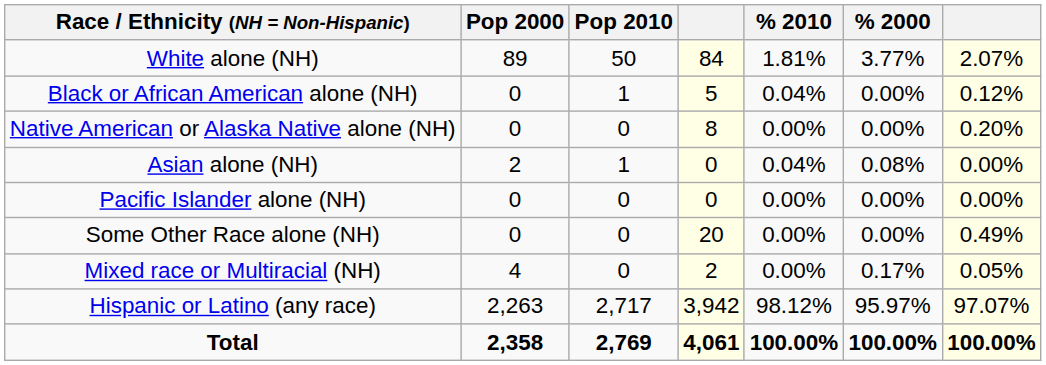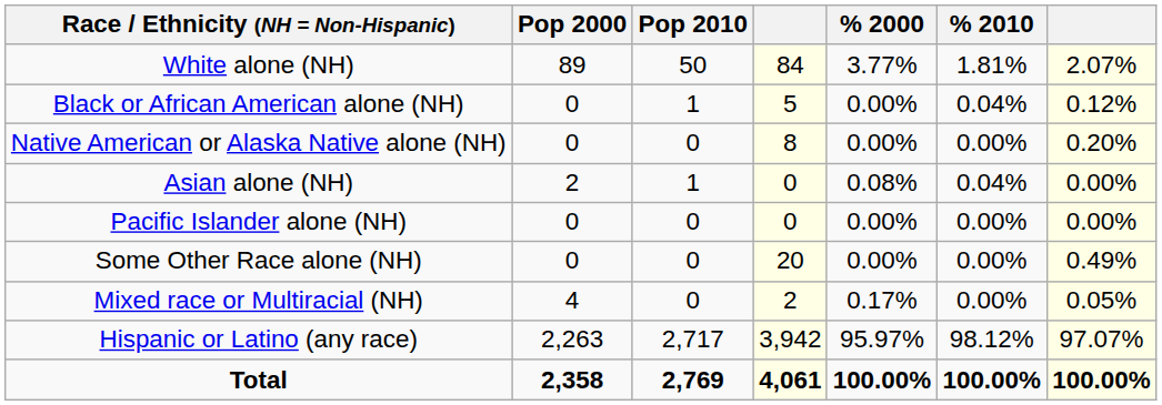 <table class="wikitable" style="text-align:center;">
 <tr>
 <th>Race / Ethnicity <small>(<em>NH = Non-Hispanic</em>)</small></th>
 <th>Pop 2000</th>
 <th>Pop 2010</th>
 <th></th>
+<th>% 2000</th>
 <th>% 2010</th>
-<th>% 2000</th>
 <th></th>
 </tr>
 <tr>
 <td><a href='#'>White</a> alone (NH)</td>
 <td>89</td>
 <td>50</td>
 <td style='background: #ffffe6;'>84</td>
+<td>3.77%</td>
 <td>1.81%</td>
-<td>3.77%</td>
 <td style='background: #ffffe6;'>2.07%</td>
 </tr>
 <tr>
 <td><a href='#'>Black or African American</a> alone (NH)</td>
 <td>0</td>
 <td>1</td>
 <td style='background: #ffffe6;'>5</td>
+<td>0.00%</td>
 <td>0.04%</td>
-<td>0.00%</td>
 <td style='background: #ffffe6;'>0.12%</td>
 </tr>
 <tr>
 <td><a href='#'>Native American</a> or <a href='#'>Alaska Native</a> alone (NH)</td>
 <td>0</td>
 <td>0</td>
 <td style='background: #ffffe6;'>8</td>
 <td>0.00%</td>
 <td>0.00%</td>
 <td style='background: #ffffe6;'>0.20%</td>
 </tr>
 <tr>
 <td><a href='#'>Asian</a> alone (NH)</td>
 <td>2</td>
 <td>1</td>
 <td style='background: #ffffe6;'>0</td>
+<td>0.08%</td>
 <td>0.04%</td>
-<td>0.08%</td>
 <td style='background: #ffffe6;'>0.00%</td>
 </tr>
 <tr>
 <td><a href='#'>Pacific Islander</a> alone (NH)</td>
 <td>0</td>
 <td>0</td>
 <td style='background: #ffffe6;'>0</td>
 <td>0.00%</td>
 <td>0.00%</td>
 <td style='background: #ffffe6;'>0.00%</td>
 </tr>
 <tr>
 <td>Some Other Race alone (NH)</td>
 <td>0</td>
 <td>0</td>
 <td style='background: #ffffe6;'>20</td>
 <td>0.00%</td>
 <td>0.00%</td>
 <td style='background: #ffffe6;'>0.49%</td>
 </tr>
 <tr>
 <td><a href='#'>Mixed race or Multiracial</a> (NH)</td>
 <td>4</td>
 <td>0</td>
 <td style='background: #ffffe6;'>2</td>
+<td>0.17%</td>
 <td>0.00%</td>
-<td>0.17%</td>
 <td style='background: #ffffe6;'>0.05%</td>
 </tr>
 <tr>
 <td><a href='#'>Hispanic or Latino</a> (any race)</td>
 <td>2,263</td>
 <td>2,717</td>
 <td style='background: #ffffe6;'>3,942</td>
+<td>95.97%</td>
 <td>98.12%</td>
-<td>95.97%</td>
 <td style='background: #ffffe6;'>97.07%</td>
 </tr>
 <tr>
 <td><strong>Total</strong></td>
 <td><strong>2,358</strong></td>
 <td><strong>2,769 </strong></td>
 <td style='background: #ffffe6;'><strong>4,061</strong></td>
 <td><strong>100.00%</strong></td>
 <td><strong>100.00%</strong></td>
 <td style='background: #ffffe6;'><strong>100.00%</strong></td>
 </tr>
 </table>
